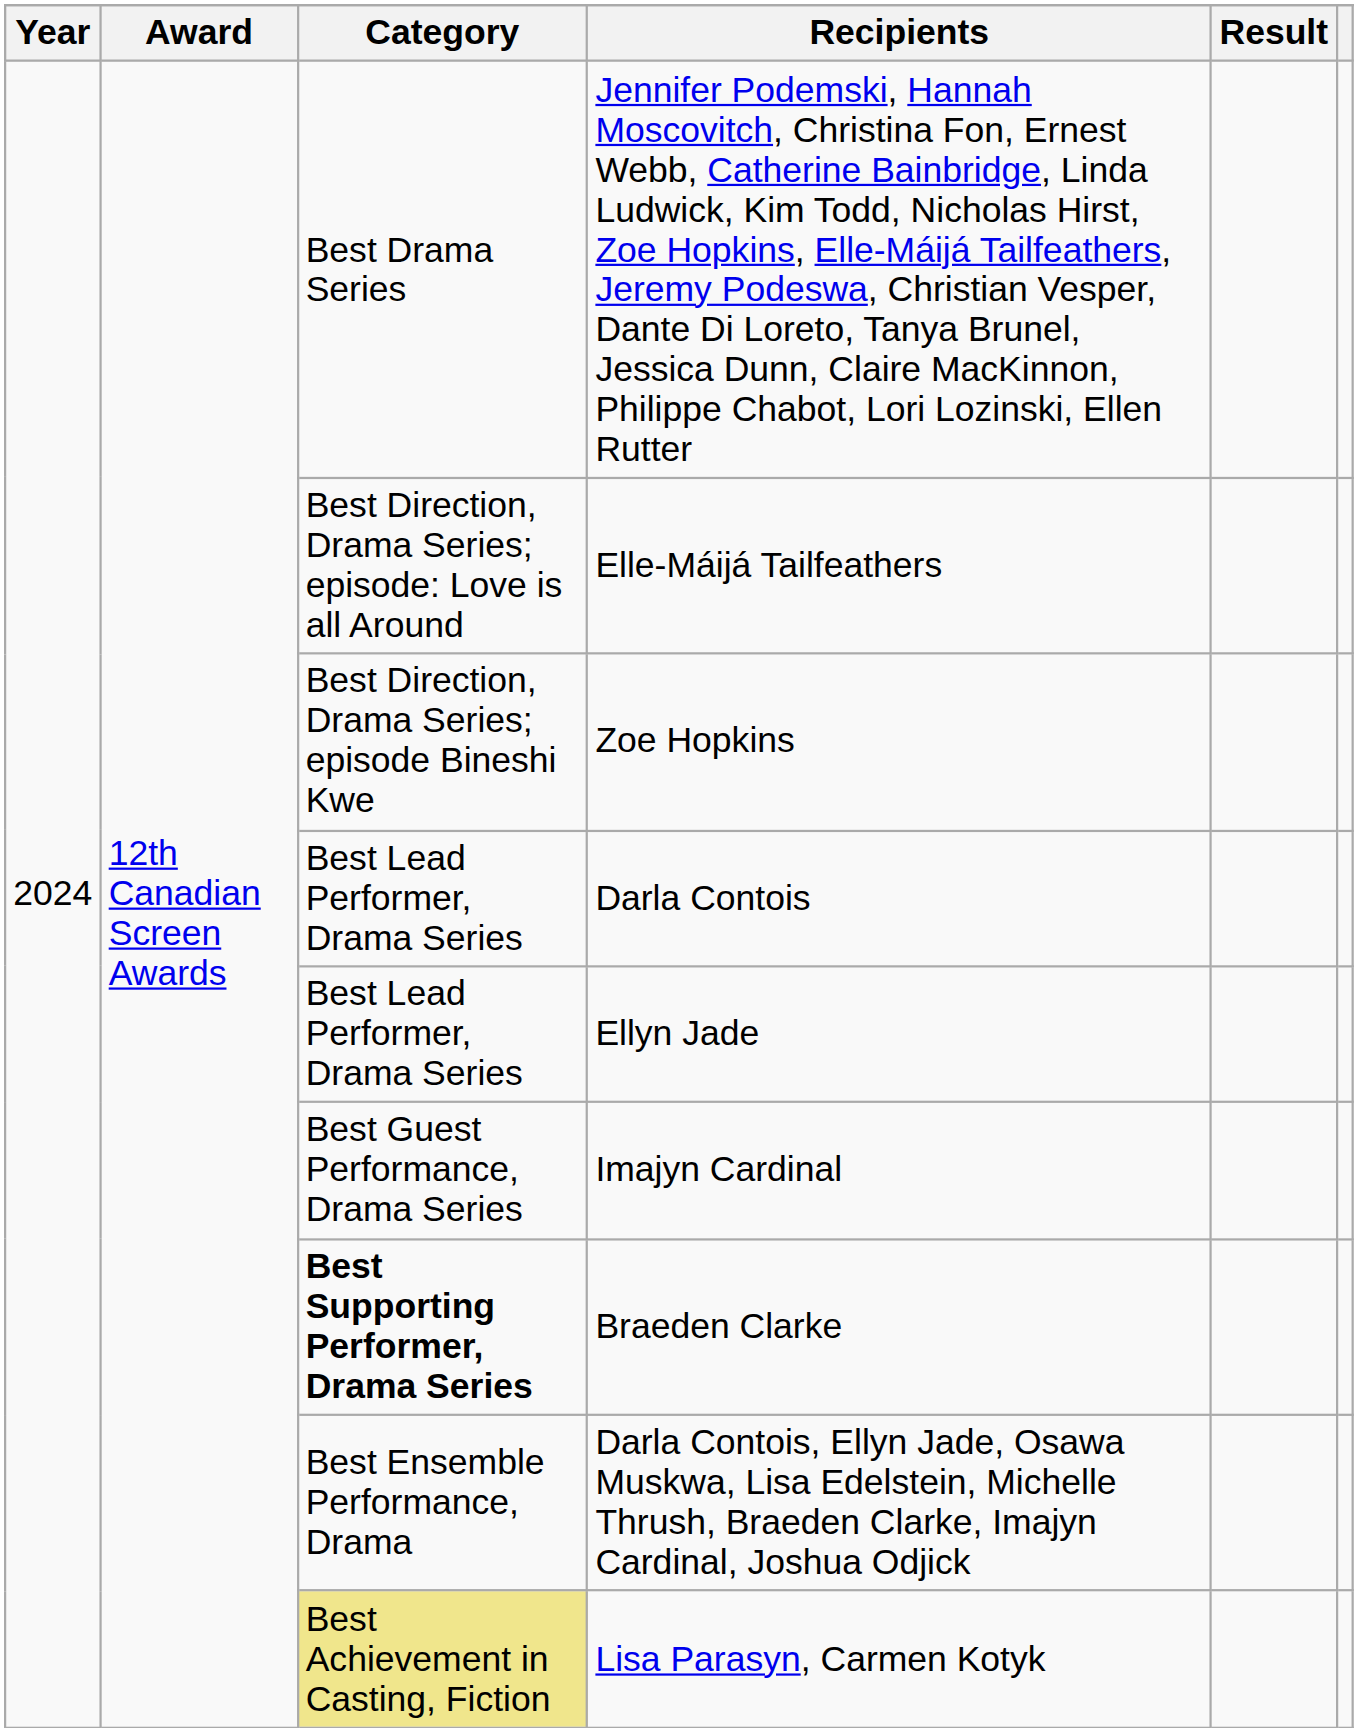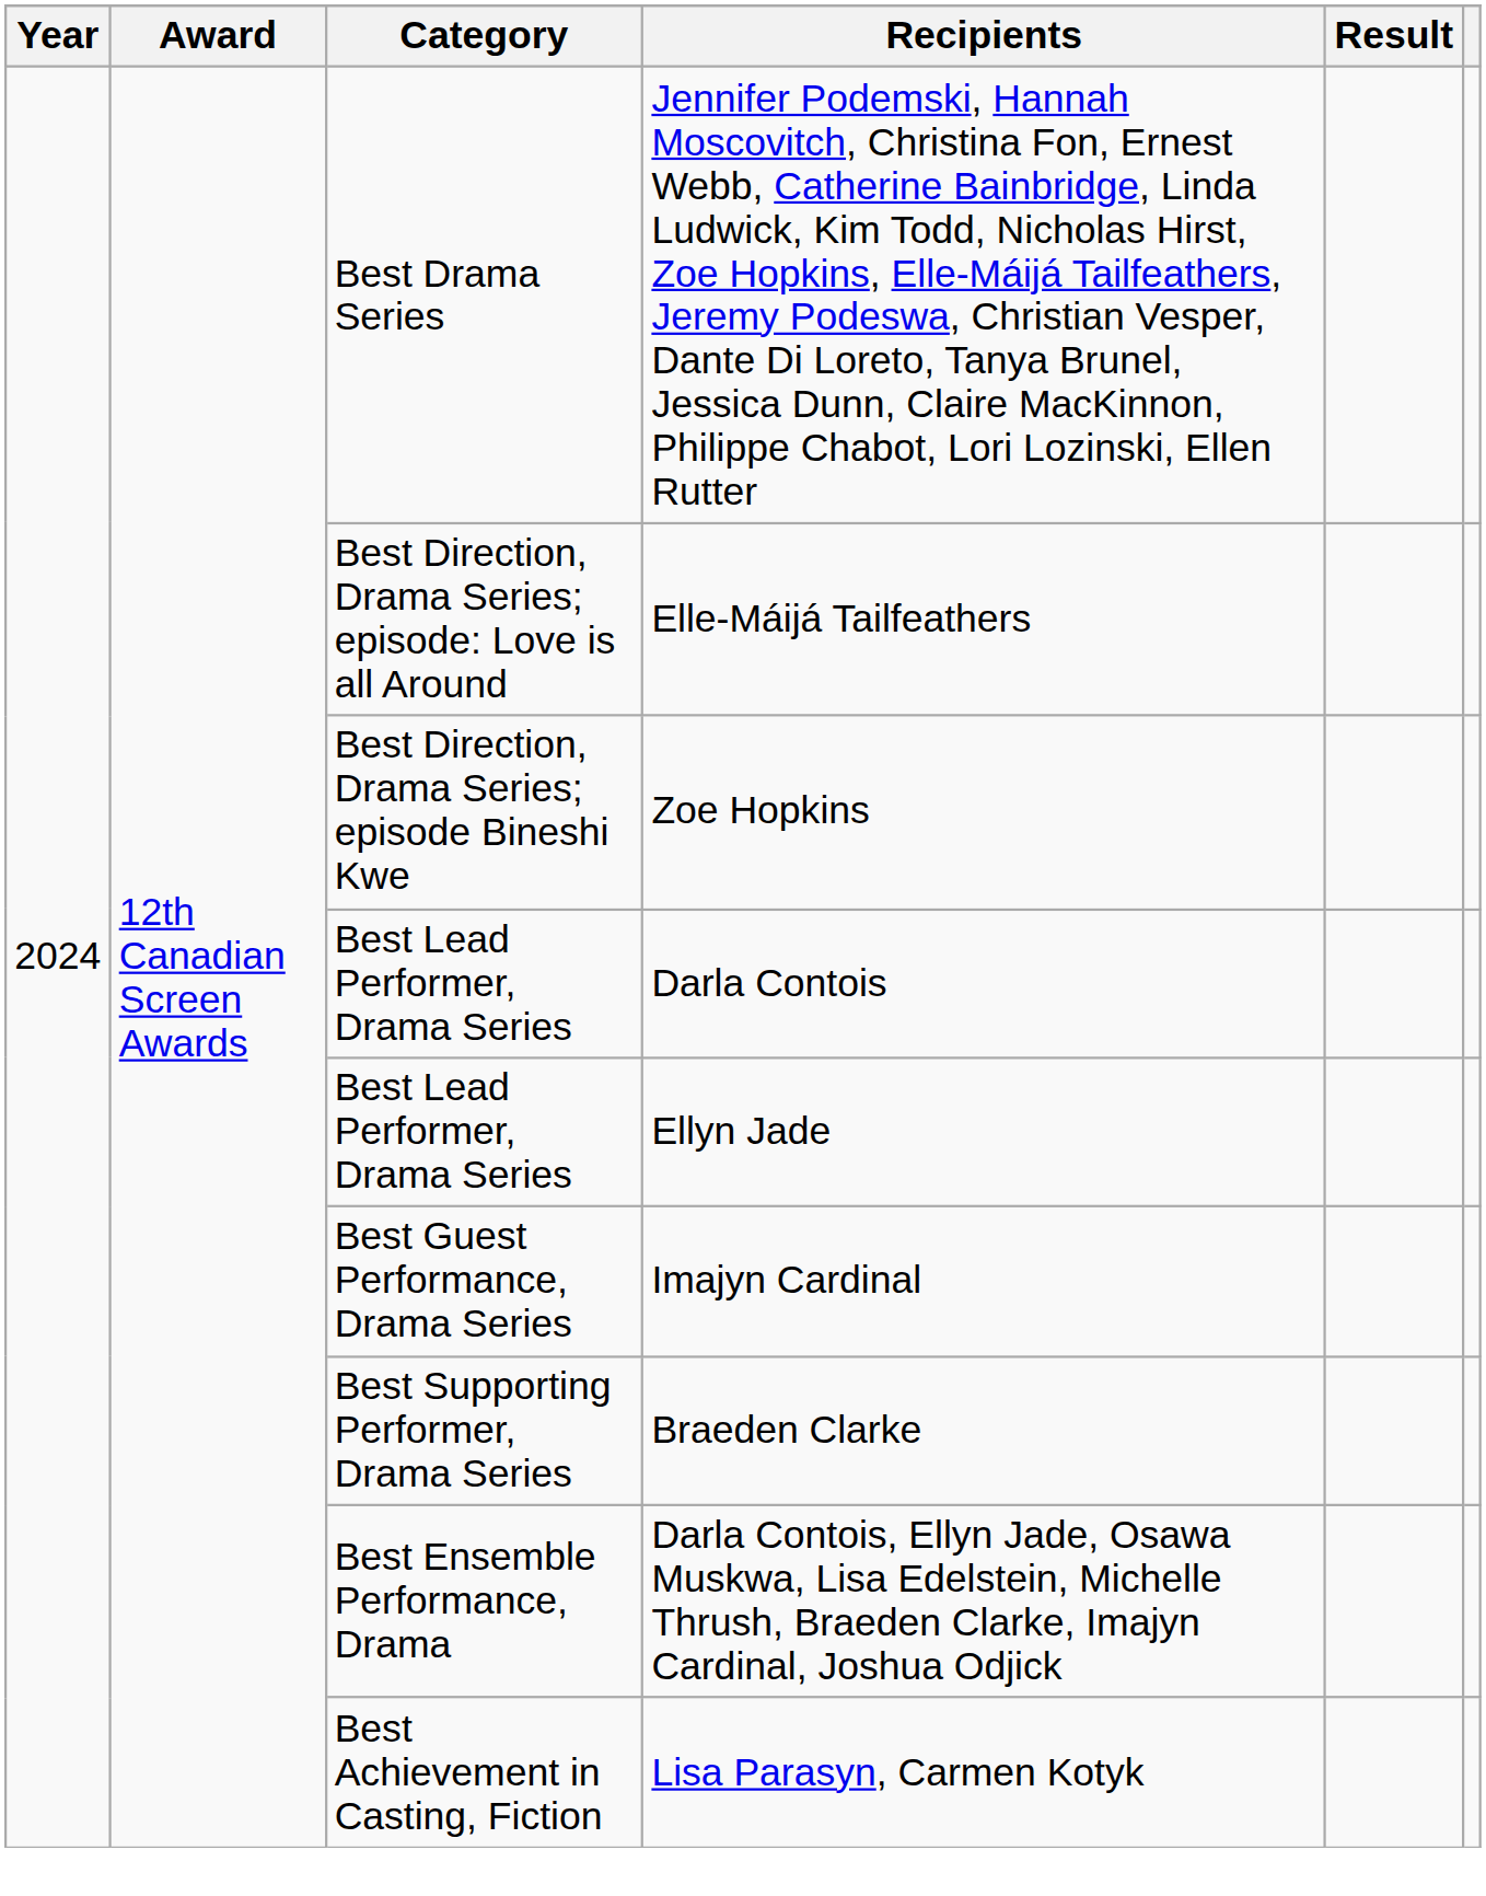 <table class="wikitable sortable">
 <tr style="background:#ccc; text-align:center;">
 </tr>
 <tr style="background:#ccc; text-align:center;">
 <th>Year</th>
 <th>Award</th>
 <th>Category</th>
 <th>Recipients</th>
 <th>Result</th>
 <th class="unsortable"></th>
 </tr>
 <tr>
 <td rowspan="9" style="text-align:center;">2024</td>
 <td rowspan="9" style="text-align:left;"><br><a href='#'>12th Canadian Screen Awards</a></td>
 <td>Best Drama Series</td>
 <td><a href='#'>Jennifer Podemski</a>, <a href='#'>Hannah Moscovitch</a>, Christina Fon, Ernest Webb, <a href='#'>Catherine Bainbridge</a>, Linda Ludwick, Kim Todd, Nicholas Hirst, <a href='#'>Zoe Hopkins</a>, <a href='#'>Elle-Máijá Tailfeathers</a>, <a href='#'>Jeremy Podeswa</a>, Christian Vesper, Dante Di Loreto, Tanya Brunel, Jessica Dunn, Claire MacKinnon, Philippe Chabot, Lori Lozinski, Ellen Rutter</td>
 <td></td>
 <td></td>
 </tr>
 <tr>
 <td>Best Direction, Drama Series; episode: Love is all Around</td>
 <td>Elle-Máijá Tailfeathers</td>
 <td></td>
 <td></td>
 </tr>
 <tr>
 <td>Best Direction, Drama Series; episode Bineshi Kwe</td>
 <td>Zoe Hopkins</td>
 <td></td>
 <td></td>
 </tr>
 <tr>
 <td>Best Lead Performer, Drama Series</td>
 <td>Darla Contois</td>
 <td></td>
 <td></td>
 </tr>
 <tr>
 <td>Best Lead Performer, Drama Series</td>
 <td>Ellyn Jade</td>
 <td></td>
 <td></td>
 </tr>
 <tr>
 <td>Best Guest Performance, Drama Series</td>
 <td>Imajyn Cardinal</td>
 <td></td>
 <td></td>
 </tr>
 <tr>
-<td><strong>Best Supporting Performer, Drama Series</strong></td>
+<td>Best Supporting Performer, Drama Series</td>
 <td>Braeden Clarke</td>
 <td></td>
 <td></td>
 </tr>
 <tr>
 <td>Best Ensemble Performance, Drama</td>
 <td>Darla Contois, Ellyn Jade, Osawa Muskwa, Lisa Edelstein, Michelle Thrush, Braeden Clarke, Imajyn Cardinal, Joshua Odjick</td>
 <td></td>
 <td></td>
 </tr>
 <tr>
-<td style="background: khaki;">Best Achievement in Casting, Fiction</td>
+<td>Best Achievement in Casting, Fiction</td>
 <td><a href='#'>Lisa Parasyn</a>, Carmen Kotyk</td>
 <td></td>
 <td></td>
 </tr>
 </table>
